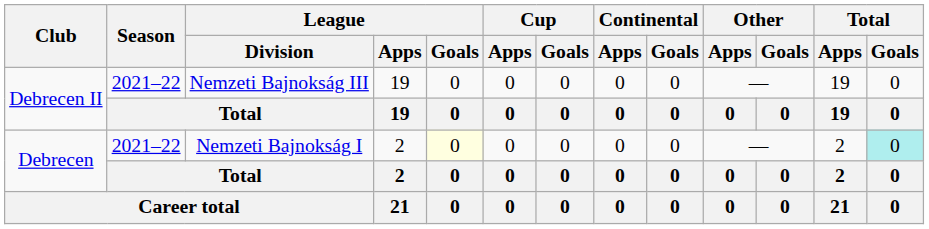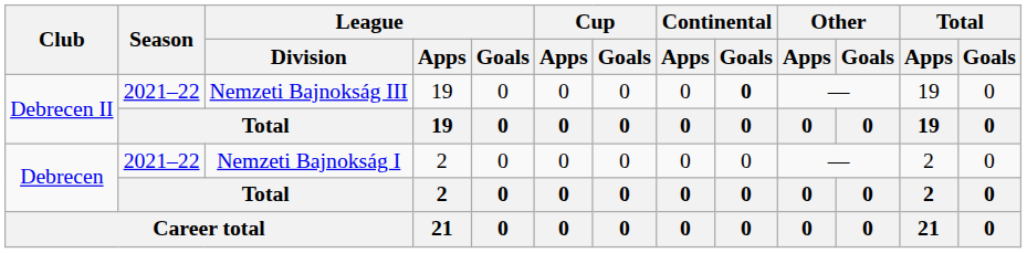 <table class="wikitable" style="text-align:center">
 <tr>
 <th rowspan="2">Club</th>
 <th rowspan="2">Season</th>
 <th colspan="3">League</th>
 <th colspan="2">Cup</th>
 <th colspan="2">Continental</th>
 <th colspan="2">Other</th>
 <th colspan="2">Total</th>
 </tr>
 <tr>
 <th>Division</th>
 <th>Apps</th>
 <th>Goals</th>
 <th>Apps</th>
 <th>Goals</th>
 <th>Apps</th>
 <th>Goals</th>
 <th>Apps</th>
 <th>Goals</th>
 <th>Apps</th>
 <th>Goals</th>
 </tr>
 <tr>
 <td rowspan="2"><a href='#'>Debrecen II</a></td>
 <td><a href='#'>2021–22</a></td>
 <td><a href='#'>Nemzeti Bajnokság III</a></td>
 <td>19</td>
 <td>0</td>
 <td>0</td>
 <td>0</td>
 <td>0</td>
-<td>0</td>
+<td><strong>0</strong></td>
 <td colspan="2">—</td>
 <td>19</td>
 <td>0</td>
 </tr>
 <tr>
 <th colspan="2">Total</th>
 <th>19</th>
 <th>0</th>
 <th>0</th>
 <th>0</th>
 <th>0</th>
 <th>0</th>
 <th>0</th>
 <th>0</th>
 <th>19</th>
 <th>0</th>
 </tr>
 <tr>
 <td rowspan="2"><a href='#'>Debrecen</a></td>
 <td><a href='#'>2021–22</a></td>
 <td><a href='#'>Nemzeti Bajnokság I</a></td>
 <td>2</td>
-<td style="background: lightyellow;">0</td>
+<td>0</td>
 <td>0</td>
 <td>0</td>
 <td>0</td>
 <td>0</td>
 <td colspan="2">—</td>
 <td>2</td>
-<td style="background: paleturquoise;">0</td>
+<td>0</td>
 </tr>
 <tr>
 <th colspan="2">Total</th>
 <th>2</th>
 <th>0</th>
 <th>0</th>
 <th>0</th>
 <th>0</th>
 <th>0</th>
 <th>0</th>
 <th>0</th>
 <th>2</th>
 <th>0</th>
 </tr>
 <tr>
 <th colspan="3">Career total</th>
 <th>21</th>
 <th>0</th>
 <th>0</th>
 <th>0</th>
 <th>0</th>
 <th>0</th>
 <th>0</th>
 <th>0</th>
 <th>21</th>
 <th>0</th>
 </tr>
 </table>
